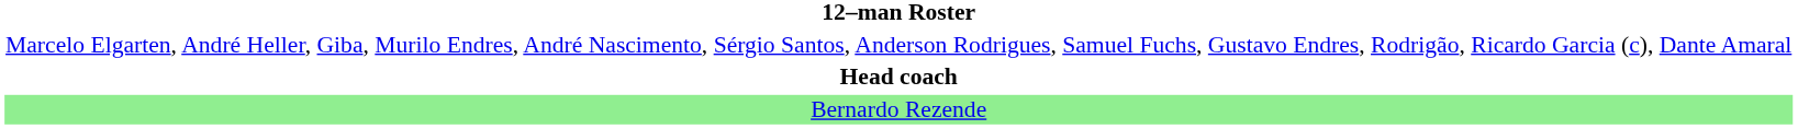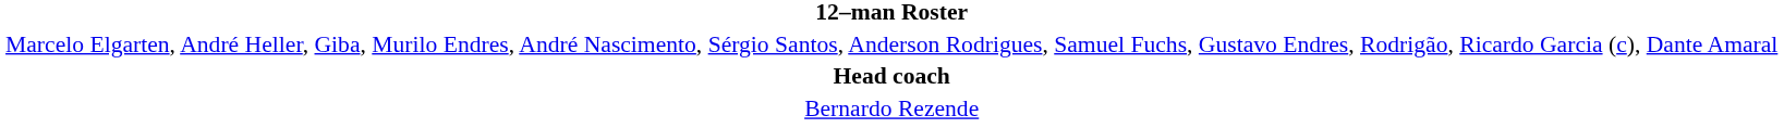 <table style="text-align:center; margin-top:2em; margin-left:auto; margin-right:auto">
 <tr>
 <td><strong>12–man Roster</strong></td>
 </tr>
 <tr>
 <td><a href='#'>Marcelo Elgarten</a>, <a href='#'>André Heller</a>, <a href='#'>Giba</a>, <a href='#'>Murilo Endres</a>, <a href='#'>André Nascimento</a>, <a href='#'>Sérgio Santos</a>, <a href='#'>Anderson Rodrigues</a>, <a href='#'>Samuel Fuchs</a>, <a href='#'>Gustavo Endres</a>, <a href='#'>Rodrigão</a>, <a href='#'>Ricardo Garcia</a> (<a href='#'>c</a>), <a href='#'>Dante Amaral</a></td>
 </tr>
 <tr>
 <td><strong>Head coach</strong></td>
 </tr>
 <tr>
-<td style="background: lightgreen;"><a href='#'>Bernardo Rezende</a></td>
+<td><a href='#'>Bernardo Rezende</a></td>
 </tr>
 </table>
